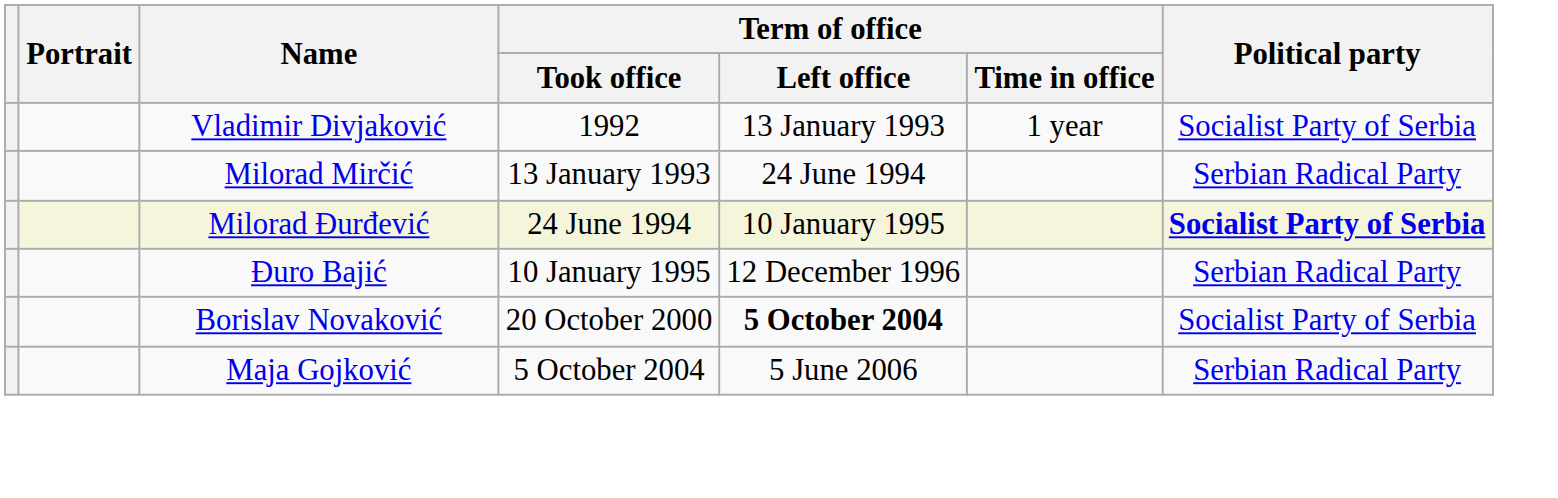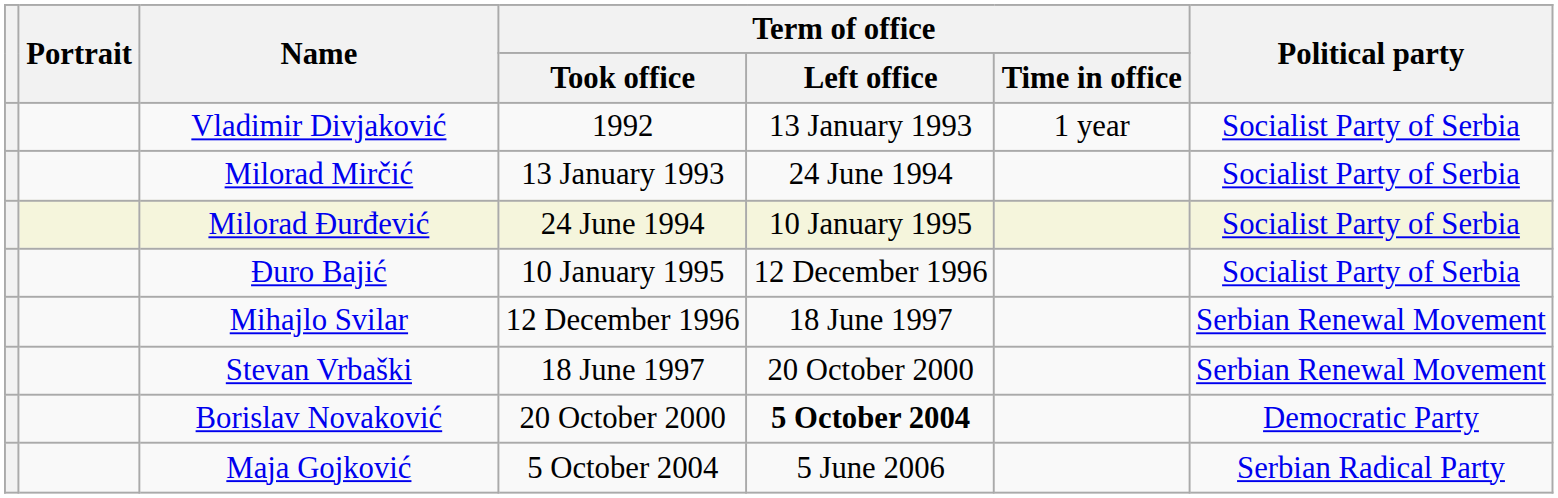 <table class="wikitable" style="text-align:center;">
 <tr>
 <th rowspan=2></th>
 <th rowspan=2>Portrait</th>
 <th rowspan=2 width=180>Name<br></th>
 <th colspan=3>Term of office</th>
 <th rowspan=2>Political party</th>
 </tr>
 <tr>
 <th>Took office</th>
 <th>Left office</th>
 <th>Time in office</th>
 </tr>
 <tr>
 <th style="background:"></th>
 <td></td>
 <td><a href='#'>Vladimir Divjaković</a><br></td>
 <td>1992</td>
 <td>13 January 1993</td>
 <td>1 year</td>
 <td><a href='#'>Socialist Party of Serbia</a></td>
 </tr>
 <tr>
 <th style="background:"></th>
 <td></td>
 <td><a href='#'>Milorad Mirčić</a><br></td>
 <td>13 January 1993</td>
 <td>24 June 1994</td>
 <td></td>
-<td><a href='#'>Serbian Radical Party</a></td>
+<td><a href='#'>Socialist Party of Serbia</a></td>
 </tr>
 <tr style="background:#F5F5DC;">
 <th style="background:"></th>
 <td></td>
 <td><a href='#'>Milorad Đurđević</a><br></td>
 <td>24 June 1994</td>
 <td>10 January 1995</td>
 <td></td>
-<td><strong><a href='#'>Socialist Party of Serbia</a></strong></td>
+<td><a href='#'>Socialist Party of Serbia</a></td>
 </tr>
 <tr>
 <th style="background:"></th>
 <td></td>
 <td><a href='#'>Đuro Bajić</a><br></td>
 <td>10 January 1995</td>
 <td>12 December 1996</td>
 <td></td>
-<td><a href='#'>Serbian Radical Party</a></td>
+<td><a href='#'>Socialist Party of Serbia</a></td>
+</tr>
+<tr>
+<th style="background:"></th>
+<td></td>
+<td><a href='#'>Mihajlo Svilar</a><br></td>
+<td>12 December 1996</td>
+<td>18 June 1997</td>
+<td></td>
+<td><a href='#'>Serbian Renewal Movement</a></td>
+</tr>
+<tr>
+<th style="background:"></th>
+<td></td>
+<td><a href='#'>Stevan Vrbaški</a><br></td>
+<td>18 June 1997</td>
+<td>20 October 2000</td>
+<td></td>
+<td><a href='#'>Serbian Renewal Movement</a></td>
 </tr>
 <tr>
 <th style="background:"></th>
 <td></td>
 <td><a href='#'>Borislav Novaković</a><br></td>
 <td>20 October 2000</td>
 <td><strong>5 October 2004</strong></td>
 <td></td>
-<td><a href='#'>Socialist Party of Serbia</a></td>
+<td><a href='#'>Democratic Party</a></td>
 </tr>
 <tr>
 <th style="background:"></th>
 <td></td>
 <td><a href='#'>Maja Gojković</a><br></td>
 <td>5 October 2004</td>
 <td>5 June 2006</td>
 <td></td>
 <td><a href='#'>Serbian Radical Party</a></td>
 </tr>
 </table>
